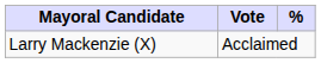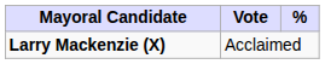 <table class="wikitable">
 <tr>
 <th style="background:#ddf; width:200px;">Mayoral Candidate </th>
 <th style="background:#ddf; width:50px;">Vote</th>
 <th style="background:#ddf; width:30px;">%</th>
 </tr>
 <tr>
-<td>Larry Mackenzie (X)</td>
+<td><strong>Larry Mackenzie (X)</strong></td>
 <td colspan="2">Acclaimed</td>
 </tr>
 </table>
